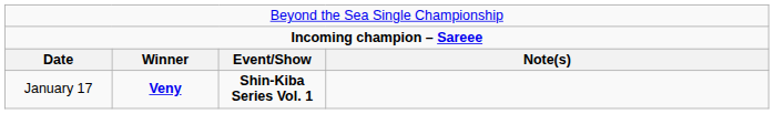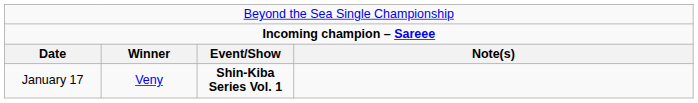 <table class="wikitable" style="text-align:center; width:100%;">
 <tr>
 <td colspan="4" style="text-align: center;"><a href='#'>Beyond the Sea Single Championship</a></td>
 </tr>
 <tr>
 <td colspan="4" style="text-align: center;"><strong>Incoming champion – <a href='#'>Sareee</a></strong></td>
 </tr>
 <tr>
 <th width=14%>Date</th>
 <th width=14%>Winner</th>
 <th width=14%>Event/Show</th>
 <th width=58%>Note(s)</th>
 </tr>
 <tr>
 <td>January 17</td>
-<td><strong><a href='#'>Veny</a></strong></td>
+<td><a href='#'>Veny</a></td>
 <td><strong>Shin-Kiba Series Vol. 1</strong></td>
 <td></td>
 </tr>
 </table>
